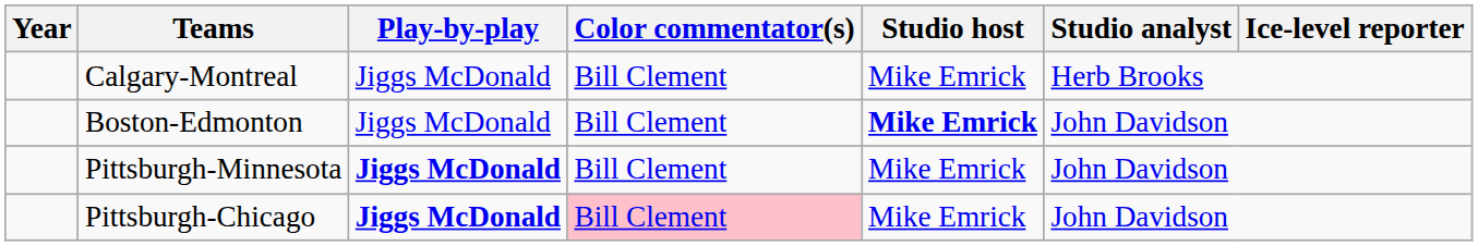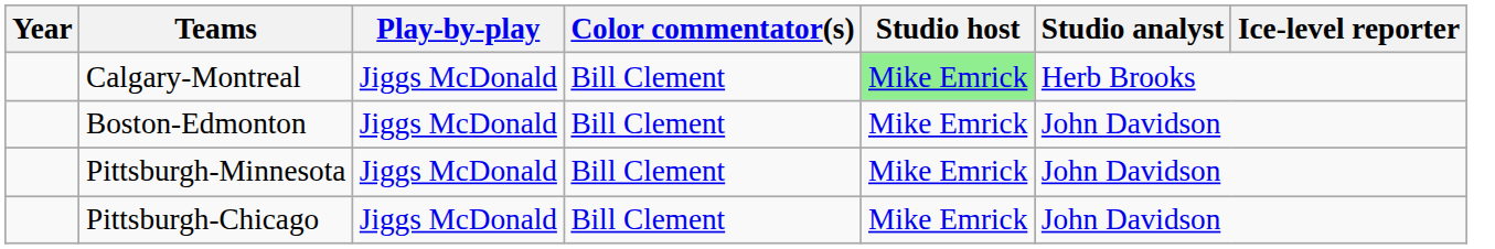 <table class="wikitable">
 <tr>
 <th>Year</th>
 <th>Teams</th>
 <th><a href='#'>Play-by-play</a></th>
 <th><a href='#'>Color commentator</a>(s)</th>
 <th>Studio host</th>
 <th>Studio analyst</th>
 <th>Ice-level reporter</th>
 </tr>
 <tr>
 <td></td>
 <td>Calgary-Montreal</td>
 <td><a href='#'>Jiggs McDonald</a></td>
 <td><a href='#'>Bill Clement</a></td>
-<td><a href='#'>Mike Emrick</a></td>
+<td style="background: lightgreen;"><a href='#'>Mike Emrick</a></td>
 <td colspan="2"><a href='#'>Herb Brooks</a></td>
 </tr>
 <tr>
 <td></td>
 <td>Boston-Edmonton</td>
 <td><a href='#'>Jiggs McDonald</a></td>
 <td><a href='#'>Bill Clement</a></td>
-<td><strong><a href='#'>Mike Emrick</a></strong></td>
+<td><a href='#'>Mike Emrick</a></td>
 <td colspan="2"><a href='#'>John Davidson</a></td>
 </tr>
 <tr>
 <td></td>
 <td>Pittsburgh-Minnesota</td>
-<td><strong><a href='#'>Jiggs McDonald</a></strong></td>
+<td><a href='#'>Jiggs McDonald</a></td>
 <td><a href='#'>Bill Clement</a></td>
 <td><a href='#'>Mike Emrick</a></td>
 <td colspan="2"><a href='#'>John Davidson</a></td>
 </tr>
 <tr>
 <td></td>
 <td>Pittsburgh-Chicago</td>
-<td><strong><a href='#'>Jiggs McDonald</a></strong></td>
-<td style="background: pink;"><a href='#'>Bill Clement</a></td>
+<td><a href='#'>Jiggs McDonald</a></td>
+<td><a href='#'>Bill Clement</a></td>
 <td><a href='#'>Mike Emrick</a></td>
 <td colspan="2"><a href='#'>John Davidson</a></td>
 </tr>
 </table>
